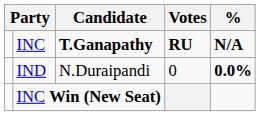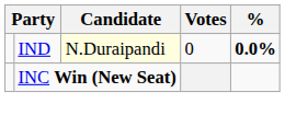 <table class="wikitable">
 <tr>
 <th colspan="2">Party</th>
 <th>Candidate</th>
 <th>Votes</th>
 <th>%</th>
 </tr>
 <tr>
 <td></td>
-<td><a href='#'>INC</a></td>
-<td><strong>T.Ganapathy</strong></td>
-<td><strong>RU</strong></td>
-<td><strong>N/A</strong></td>
-</tr>
-<tr>
-<td></td>
 <td><a href='#'>IND</a></td>
-<td>N.Duraipandi</td>
+<td style="background: lightyellow;">N.Duraipandi</td>
 <td>0</td>
 <td><strong>0.0%</strong></td>
 </tr>
 <tr>
 <td></td>
 <td colspan="2"><a href='#'>INC</a> <strong>Win (New Seat)</strong></td>
 <th></th>
 <td></td>
 </tr>
 </table>
